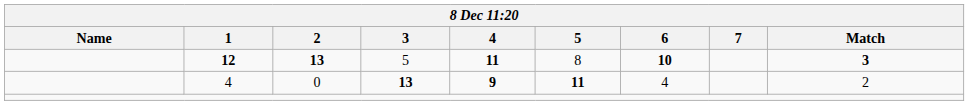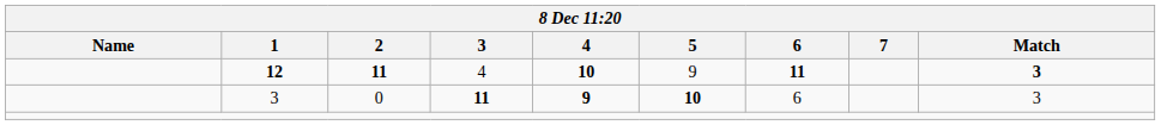 <table class=wikitable style="text-align:center; width: 55%">
 <tr>
 <th colspan=17><em> 8 Dec 11:20</em></th>
 </tr>
 <tr>
 <th>Name</th>
 <th>1</th>
 <th>2</th>
 <th>3</th>
 <th>4</th>
 <th>5</th>
 <th>6</th>
 <th>7</th>
 <th>Match</th>
 </tr>
 <tr>
 <td style="text-align:left;"><strong></strong></td>
 <td><strong>12</strong></td>
-<td><strong>13</strong></td>
-<td>5</td>
 <td><strong>11</strong></td>
-<td>8</td>
+<td>4</td>
 <td><strong>10</strong></td>
+<td>9</td>
+<td><strong>11</strong></td>
 <td></td>
 <td><strong>3</strong></td>
 </tr>
 <tr>
 <td style="text-align:left;"></td>
-<td>4</td>
+<td>3</td>
 <td>0</td>
-<td><strong>13</strong></td>
+<td><strong>11</strong></td>
 <td><strong>9</strong></td>
-<td><strong>11</strong></td>
-<td>4</td>
+<td><strong>10</strong></td>
+<td>6</td>
 <td></td>
-<td>2</td>
+<td>3</td>
 </tr>
 <tr>
 <td colspan=17></td>
 </tr>
 </table>
